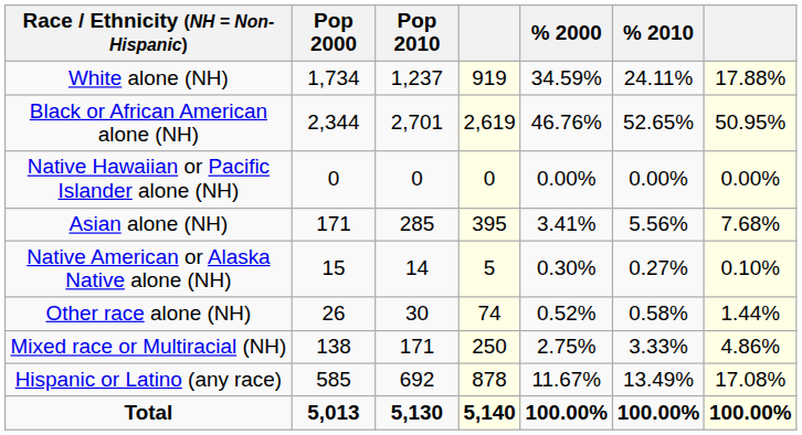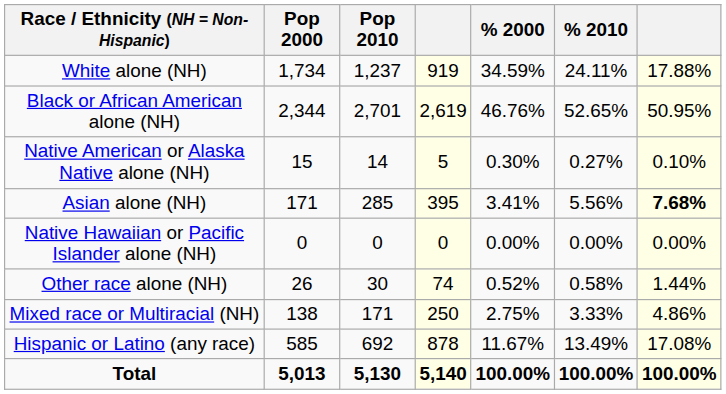 <table class="wikitable" style="text-align:center;">
 <tr>
 <th>Race / Ethnicity <small>(<em>NH = Non-Hispanic</em>)</small></th>
 <th>Pop 2000</th>
 <th>Pop 2010</th>
 <th></th>
 <th>% 2000</th>
 <th>% 2010</th>
 <th></th>
 </tr>
 <tr>
 <td><a href='#'>White</a> alone (NH)</td>
 <td>1,734</td>
 <td>1,237</td>
 <td style='background: #ffffe6;'>919</td>
 <td>34.59%</td>
 <td>24.11%</td>
 <td style='background: #ffffe6;'>17.88%</td>
 </tr>
 <tr>
 <td><a href='#'>Black or African American</a> alone (NH)</td>
 <td>2,344</td>
 <td>2,701</td>
 <td style='background: #ffffe6;'>2,619</td>
 <td>46.76%</td>
 <td>52.65%</td>
 <td style='background: #ffffe6;'>50.95%</td>
 </tr>
 <tr>
-<td><a href='#'>Native Hawaiian</a> or <a href='#'>Pacific Islander</a> alone (NH)</td>
-<td>0</td>
-<td>0</td>
-<td style='background: #ffffe6;'>0</td>
-<td>0.00%</td>
-<td>0.00%</td>
-<td style='background: #ffffe6;'>0.00%</td>
+<td><a href='#'>Native American</a> or <a href='#'>Alaska Native</a> alone (NH)</td>
+<td>15</td>
+<td>14</td>
+<td style='background: #ffffe6;'>5</td>
+<td>0.30%</td>
+<td>0.27%</td>
+<td style='background: #ffffe6;'>0.10%</td>
 </tr>
 <tr>
 <td><a href='#'>Asian</a> alone (NH)</td>
 <td>171</td>
 <td>285</td>
 <td style='background: #ffffe6;'>395</td>
 <td>3.41%</td>
 <td>5.56%</td>
-<td style='background: #ffffe6;'>7.68%</td>
+<td style='background: #ffffe6;'><strong>7.68%</strong></td>
 </tr>
 <tr>
-<td><a href='#'>Native American</a> or <a href='#'>Alaska Native</a> alone (NH)</td>
-<td>15</td>
-<td>14</td>
-<td style='background: #ffffe6;'>5</td>
-<td>0.30%</td>
-<td>0.27%</td>
-<td style='background: #ffffe6;'>0.10%</td>
+<td><a href='#'>Native Hawaiian</a> or <a href='#'>Pacific Islander</a> alone (NH)</td>
+<td>0</td>
+<td>0</td>
+<td style='background: #ffffe6;'>0</td>
+<td>0.00%</td>
+<td>0.00%</td>
+<td style='background: #ffffe6;'>0.00%</td>
 </tr>
 <tr>
 <td><a href='#'>Other race</a> alone (NH)</td>
 <td>26</td>
 <td>30</td>
 <td style='background: #ffffe6;'>74</td>
 <td>0.52%</td>
 <td>0.58%</td>
 <td style='background: #ffffe6;'>1.44%</td>
 </tr>
 <tr>
 <td><a href='#'>Mixed race or Multiracial</a> (NH)</td>
 <td>138</td>
 <td>171</td>
 <td style='background: #ffffe6;'>250</td>
 <td>2.75%</td>
 <td>3.33%</td>
 <td style='background: #ffffe6;'>4.86%</td>
 </tr>
 <tr>
 <td><a href='#'>Hispanic or Latino</a> (any race)</td>
 <td>585</td>
 <td>692</td>
 <td style='background: #ffffe6;'>878</td>
 <td>11.67%</td>
 <td>13.49%</td>
 <td style='background: #ffffe6;'>17.08%</td>
 </tr>
 <tr>
 <td><strong>Total</strong></td>
 <td><strong>5,013</strong></td>
 <td><strong>5,130</strong></td>
 <td style='background: #ffffe6;'><strong>5,140</strong></td>
 <td><strong>100.00%</strong></td>
 <td><strong>100.00%</strong></td>
 <td style='background: #ffffe6;'><strong>100.00%</strong></td>
 </tr>
 </table>
